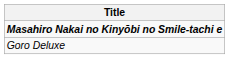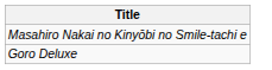 <table class="wikitable">
 <tr>
 <th>Title</th>
 </tr>
 <tr>
-<td><strong><em>Masahiro Nakai no Kinyōbi no Smile-tachi e</em></strong></td>
+<td><em>Masahiro Nakai no Kinyōbi no Smile-tachi e</em></td>
 </tr>
 <tr>
 <td><em>Goro Deluxe</em></td>
 </tr>
 </table>
